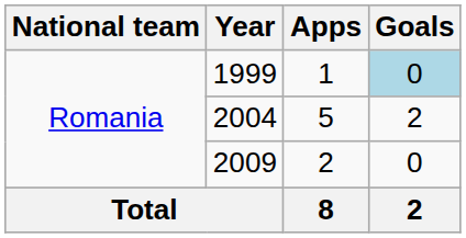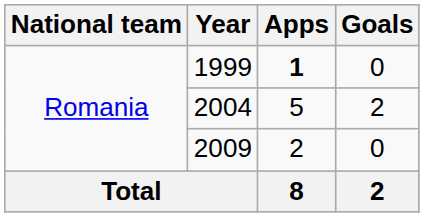 <table class="wikitable" style="text-align:center">
 <tr>
 <th>National team</th>
 <th>Year</th>
 <th>Apps</th>
 <th>Goals</th>
 </tr>
 <tr>
 <td rowspan="3"><a href='#'>Romania</a></td>
 <td>1999</td>
-<td>1</td>
-<td style="background: lightblue;">0</td>
+<td><strong>1</strong></td>
+<td>0</td>
 </tr>
 <tr>
 <td>2004</td>
 <td>5</td>
 <td>2</td>
 </tr>
 <tr>
 <td>2009</td>
 <td>2</td>
 <td>0</td>
 </tr>
 <tr>
 <th colspan="2">Total</th>
 <th>8</th>
 <th>2</th>
 </tr>
 </table>
